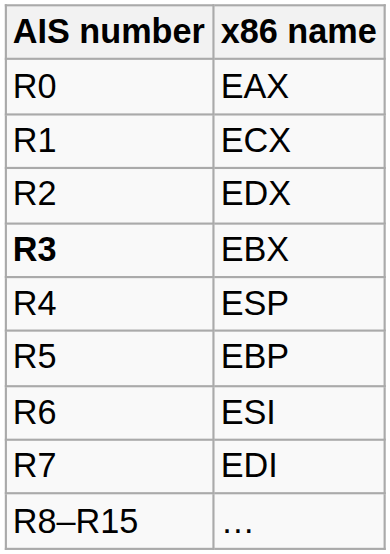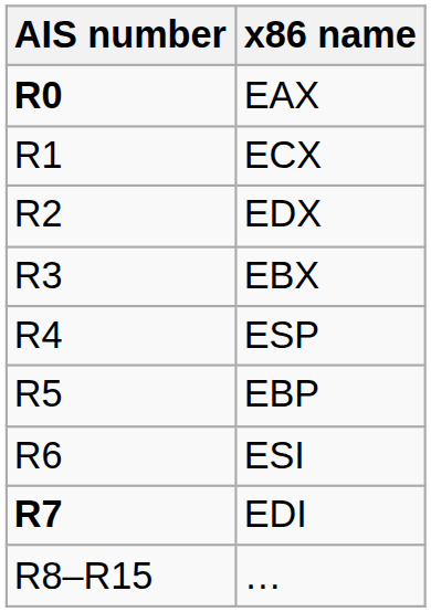 <table class="wikitable" style="float: right;">
 <tr>
 <th>AIS number</th>
 <th>x86 name</th>
 </tr>
 <tr>
-<td>R0</td>
+<td><strong>R0</strong></td>
 <td>EAX</td>
 </tr>
 <tr>
 <td>R1</td>
 <td>ECX</td>
 </tr>
 <tr>
 <td>R2</td>
 <td>EDX</td>
 </tr>
 <tr>
-<td><strong>R3</strong></td>
+<td>R3</td>
 <td>EBX</td>
 </tr>
 <tr>
 <td>R4</td>
 <td>ESP</td>
 </tr>
 <tr>
 <td>R5</td>
 <td>EBP</td>
 </tr>
 <tr>
 <td>R6</td>
 <td>ESI</td>
 </tr>
 <tr>
-<td>R7</td>
+<td><strong>R7</strong></td>
 <td>EDI</td>
 </tr>
 <tr>
 <td>R8‒R15</td>
 <td>…</td>
 </tr>
 </table>
